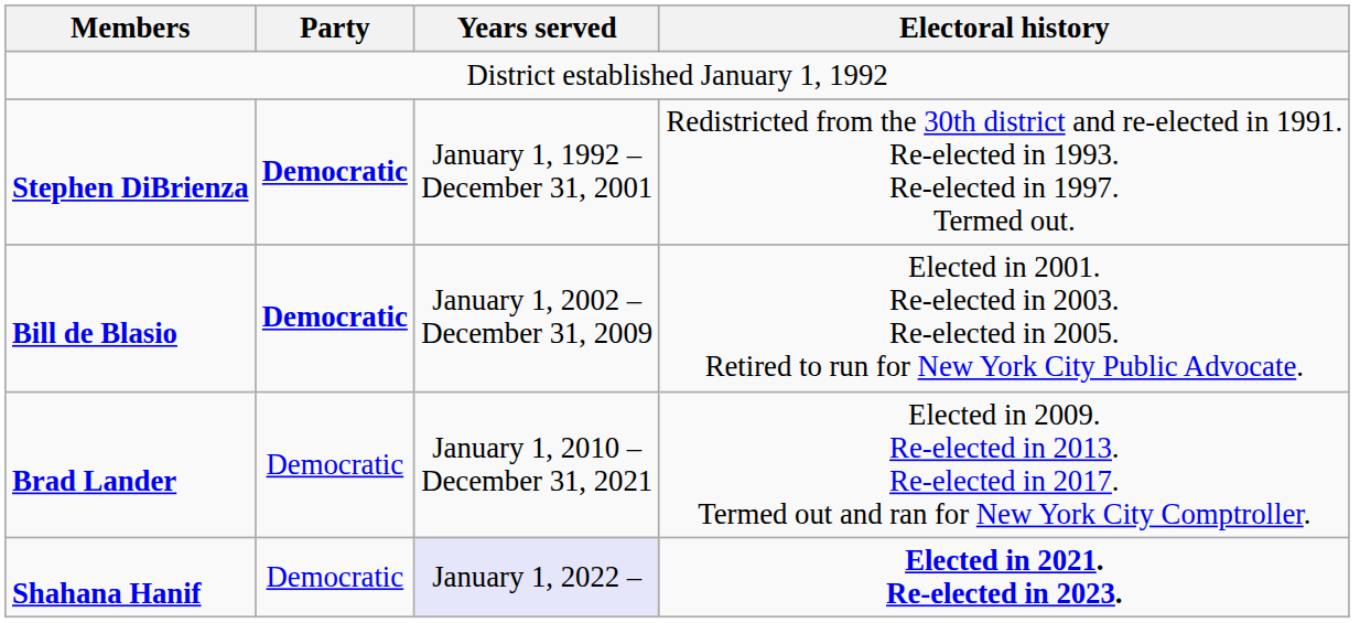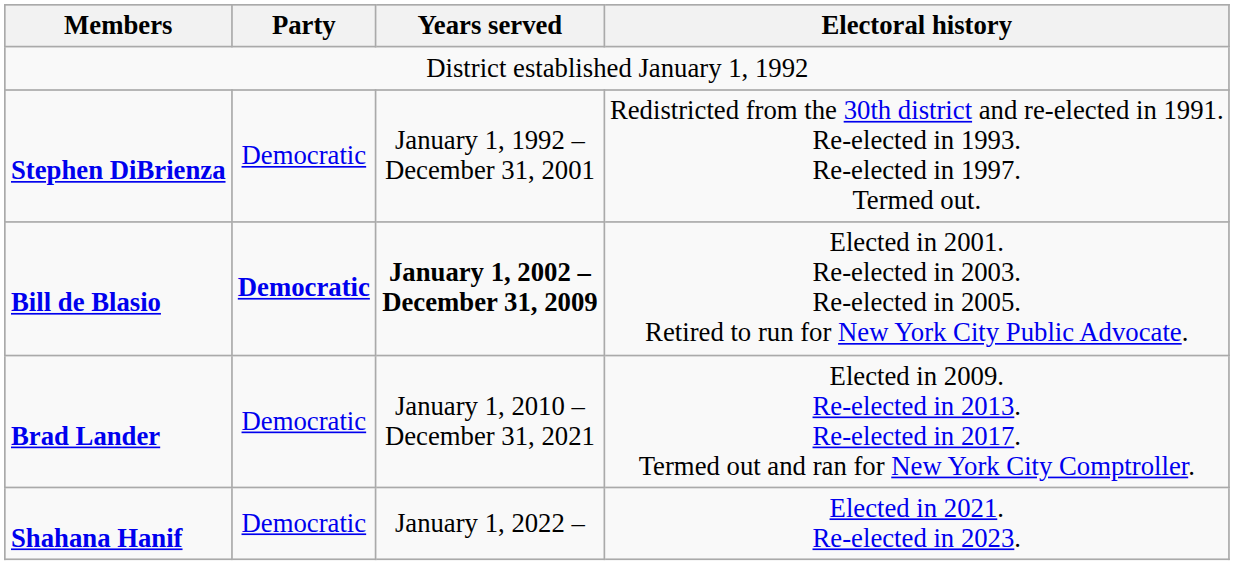 <table class=wikitable style="text-align:center">
 <tr>
 <th>Members</th>
 <th>Party</th>
 <th>Years served</th>
 <th>Electoral history</th>
 </tr>
 <tr>
 <td colspan=5>District established January 1, 1992</td>
 </tr>
 <tr>
 <td align=left><br><strong><a href='#'>Stephen DiBrienza</a></strong> <br> </td>
-<td><strong><a href='#'>Democratic</a></strong></td>
+<td><a href='#'>Democratic</a></td>
 <td>January 1, 1992 – <br> December 31, 2001</td>
 <td>Redistricted from the <a href='#'>30th district</a> and re-elected in 1991. <br> Re-elected in 1993. <br> Re-elected in 1997. <br> Termed out.</td>
 </tr>
 <tr>
 <td align=left><br><strong><a href='#'>Bill de Blasio</a></strong> <br> </td>
 <td><strong><a href='#'>Democratic</a></strong></td>
-<td>January 1, 2002 – <br> December 31, 2009</td>
+<td><strong>January 1, 2002 – <br> December 31, 2009</strong></td>
 <td>Elected in 2001. <br> Re-elected in 2003. <br>  Re-elected in 2005. <br> Retired to run for <a href='#'>New York City Public Advocate</a>.</td>
 </tr>
 <tr>
 <td align=left><br><strong><a href='#'>Brad Lander</a></strong> <br> </td>
 <td><a href='#'>Democratic</a></td>
 <td>January 1, 2010 – <br> December 31, 2021</td>
 <td>Elected in 2009. <br> <a href='#'>Re-elected in 2013</a>. <br> <a href='#'>Re-elected in 2017</a>. <br> Termed out and ran for <a href='#'>New York City Comptroller</a>.</td>
 </tr>
 <tr>
 <td align=left><br><strong><a href='#'>Shahana Hanif</a></strong> <br> </td>
 <td><a href='#'>Democratic</a></td>
-<td style="background: lavender;">January 1, 2022 – <br></td>
-<td><strong><a href='#'>Elected in 2021</a>. <br> <a href='#'>Re-elected in 2023</a>.</strong></td>
+<td>January 1, 2022 – <br></td>
+<td><a href='#'>Elected in 2021</a>. <br> <a href='#'>Re-elected in 2023</a>.</td>
 </tr>
 </table>
